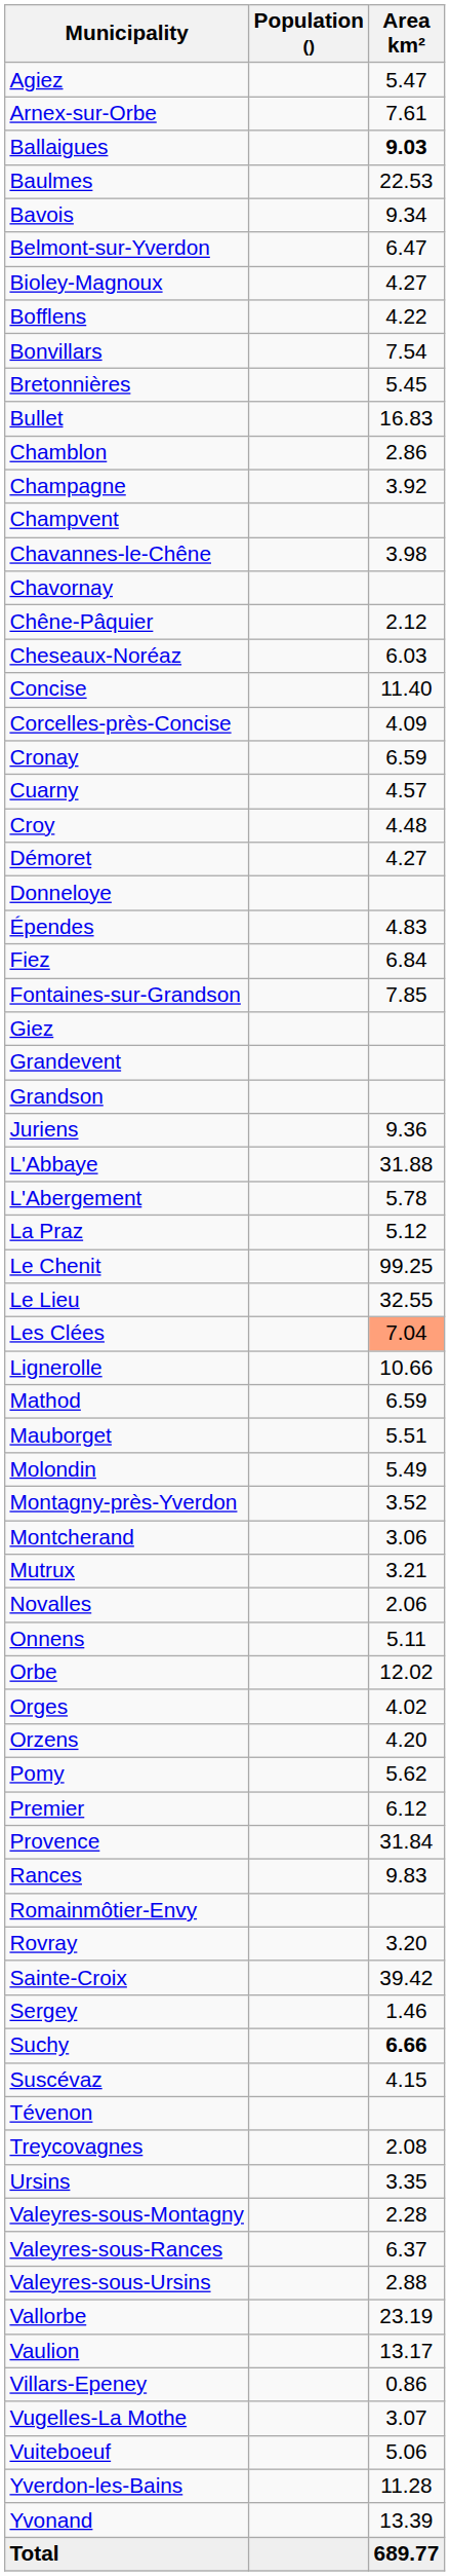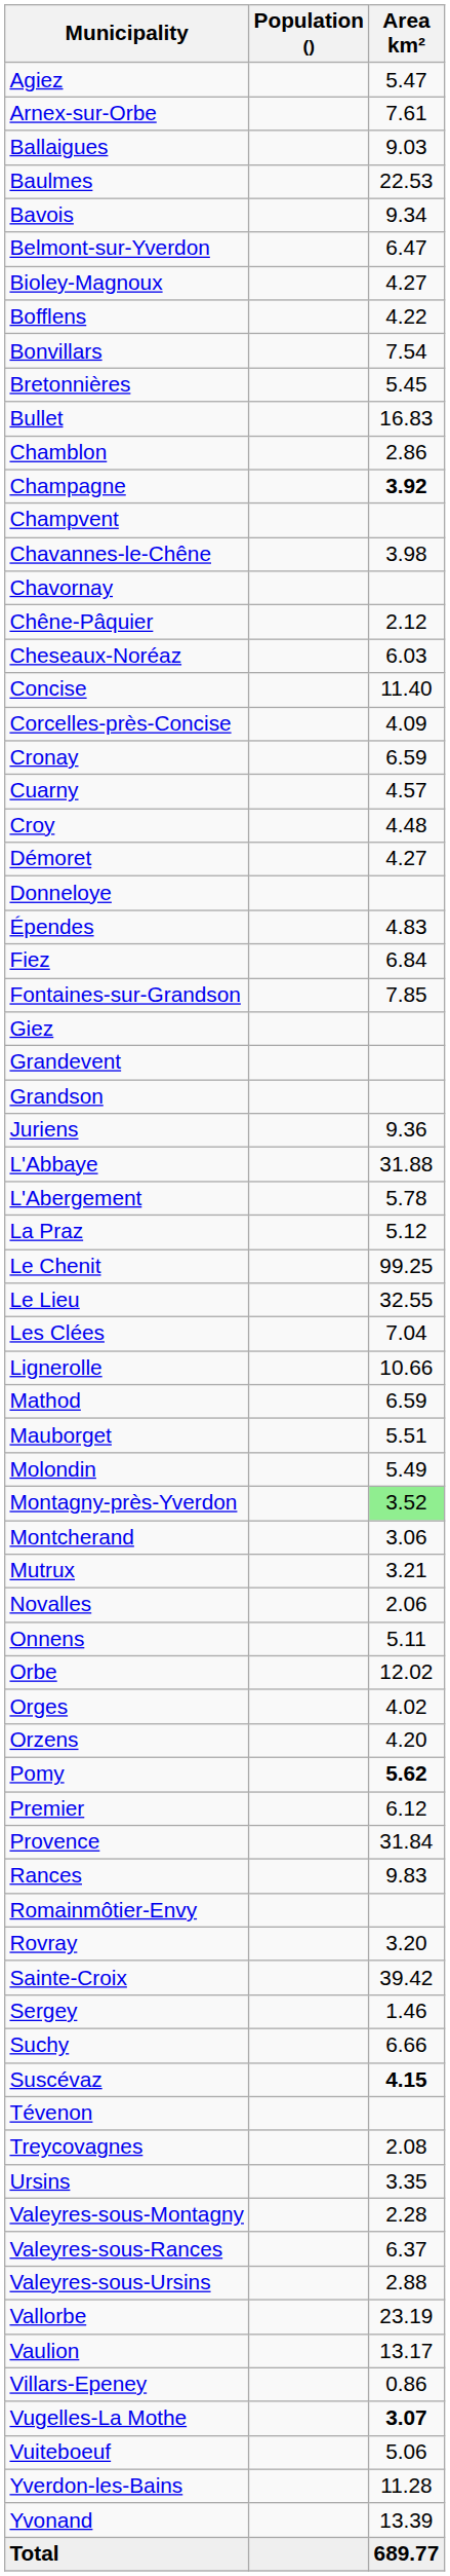 <table class="wikitable sortable">
 <tr>
 <th>Municipality</th>
 <th>Population<br><small>()</small></th>
 <th>Area <br>km²</th>
 </tr>
 <tr>
 <td><a href='#'>Agiez</a></td>
 <td align="center"></td>
 <td align="center">5.47</td>
 </tr>
 <tr>
 <td><a href='#'>Arnex-sur-Orbe</a></td>
 <td align="center"></td>
 <td align="center">7.61</td>
 </tr>
 <tr>
 <td><a href='#'>Ballaigues</a></td>
 <td align="center"></td>
-<td align="center"><strong>9.03</strong></td>
+<td align="center">9.03</td>
 </tr>
 <tr>
 <td><a href='#'>Baulmes</a></td>
 <td align="center"></td>
 <td align="center">22.53</td>
 </tr>
 <tr>
 <td><a href='#'>Bavois</a></td>
 <td align="center"></td>
 <td align="center">9.34</td>
 </tr>
 <tr>
 <td><a href='#'>Belmont-sur-Yverdon</a></td>
 <td align="center"></td>
 <td align="center">6.47</td>
 </tr>
 <tr>
 <td><a href='#'>Bioley-Magnoux</a></td>
 <td align="center"></td>
 <td align="center">4.27</td>
 </tr>
 <tr>
 <td><a href='#'>Bofflens</a></td>
 <td align="center"></td>
 <td align="center">4.22</td>
 </tr>
 <tr>
 <td><a href='#'>Bonvillars</a></td>
 <td align="center"></td>
 <td align="center">7.54</td>
 </tr>
 <tr>
 <td><a href='#'>Bretonnières</a></td>
 <td align="center"></td>
 <td align="center">5.45</td>
 </tr>
 <tr>
 <td><a href='#'>Bullet</a></td>
 <td align="center"></td>
 <td align="center">16.83</td>
 </tr>
 <tr>
 <td><a href='#'>Chamblon</a></td>
 <td align="center"></td>
 <td align="center">2.86</td>
 </tr>
 <tr>
 <td><a href='#'>Champagne</a></td>
 <td align="center"></td>
-<td align="center">3.92</td>
+<td align="center"><strong>3.92</strong></td>
 </tr>
 <tr>
 <td><a href='#'>Champvent</a></td>
 <td align="center"></td>
 <td align="center"></td>
 </tr>
 <tr>
 <td><a href='#'>Chavannes-le-Chêne</a></td>
 <td align="center"></td>
 <td align="center">3.98</td>
 </tr>
 <tr>
 <td><a href='#'>Chavornay</a></td>
 <td align="center"></td>
 <td align="center"></td>
 </tr>
 <tr>
 <td><a href='#'>Chêne-Pâquier</a></td>
 <td align="center"></td>
 <td align="center">2.12</td>
 </tr>
 <tr>
 <td><a href='#'>Cheseaux-Noréaz</a></td>
 <td align="center"></td>
 <td align="center">6.03</td>
 </tr>
 <tr>
 <td><a href='#'>Concise</a></td>
 <td align="center"></td>
 <td align="center">11.40</td>
 </tr>
 <tr>
 <td><a href='#'>Corcelles-près-Concise</a></td>
 <td align="center"></td>
 <td align="center">4.09</td>
 </tr>
 <tr>
 <td><a href='#'>Cronay</a></td>
 <td align="center"></td>
 <td align="center">6.59</td>
 </tr>
 <tr>
 <td><a href='#'>Cuarny</a></td>
 <td align="center"></td>
 <td align="center">4.57</td>
 </tr>
 <tr>
 <td><a href='#'>Croy</a></td>
 <td align="center"></td>
 <td align="center">4.48</td>
 </tr>
 <tr>
 <td><a href='#'>Démoret</a></td>
 <td align="center"></td>
 <td align="center">4.27</td>
 </tr>
 <tr>
 <td><a href='#'>Donneloye</a></td>
 <td align="center"></td>
 <td align="center"></td>
 </tr>
 <tr>
 <td><a href='#'>Épendes</a></td>
 <td align="center"></td>
 <td align="center">4.83</td>
 </tr>
 <tr>
 <td><a href='#'>Fiez</a></td>
 <td align="center"></td>
 <td align="center">6.84</td>
 </tr>
 <tr>
 <td><a href='#'>Fontaines-sur-Grandson</a></td>
 <td align="center"></td>
 <td align="center">7.85</td>
 </tr>
 <tr>
 <td><a href='#'>Giez</a></td>
 <td align="center"></td>
 <td align="center"></td>
 </tr>
 <tr>
 <td><a href='#'>Grandevent</a></td>
 <td align="center"></td>
 <td align="center"></td>
 </tr>
 <tr>
 <td><a href='#'>Grandson</a></td>
 <td align="center"></td>
 <td align="center"></td>
 </tr>
 <tr>
 <td><a href='#'>Juriens</a></td>
 <td align="center"></td>
 <td align="center">9.36</td>
 </tr>
 <tr>
 <td><a href='#'>L'Abbaye</a></td>
 <td align="center"></td>
 <td align="center">31.88</td>
 </tr>
 <tr>
 <td><a href='#'>L'Abergement</a></td>
 <td align="center"></td>
 <td align="center">5.78</td>
 </tr>
 <tr>
 <td><a href='#'>La Praz</a></td>
 <td align="center"></td>
 <td align="center">5.12</td>
 </tr>
 <tr>
 <td><a href='#'>Le Chenit</a></td>
 <td align="center"></td>
 <td align="center">99.25</td>
 </tr>
 <tr>
 <td><a href='#'>Le Lieu</a></td>
 <td align="center"></td>
 <td align="center">32.55</td>
 </tr>
 <tr>
 <td><a href='#'>Les Clées</a></td>
 <td align="center"></td>
-<td align="center" style="background: lightsalmon;">7.04</td>
+<td align="center">7.04</td>
 </tr>
 <tr>
 <td><a href='#'>Lignerolle</a></td>
 <td align="center"></td>
 <td align="center">10.66</td>
 </tr>
 <tr>
 <td><a href='#'>Mathod</a></td>
 <td align="center"></td>
 <td align="center">6.59</td>
 </tr>
 <tr>
 <td><a href='#'>Mauborget</a></td>
 <td align="center"></td>
 <td align="center">5.51</td>
 </tr>
 <tr>
 <td><a href='#'>Molondin</a></td>
 <td align="center"></td>
 <td align="center">5.49</td>
 </tr>
 <tr>
 <td><a href='#'>Montagny-près-Yverdon</a></td>
 <td align="center"></td>
-<td align="center">3.52</td>
+<td align="center" style="background: lightgreen;">3.52</td>
 </tr>
 <tr>
 <td><a href='#'>Montcherand</a></td>
 <td align="center"></td>
 <td align="center">3.06</td>
 </tr>
 <tr>
 <td><a href='#'>Mutrux</a></td>
 <td align="center"></td>
 <td align="center">3.21</td>
 </tr>
 <tr>
 <td><a href='#'>Novalles</a></td>
 <td align="center"></td>
 <td align="center">2.06</td>
 </tr>
 <tr>
 <td><a href='#'>Onnens</a></td>
 <td align="center"></td>
 <td align="center">5.11</td>
 </tr>
 <tr>
 <td><a href='#'>Orbe</a></td>
 <td align="center"></td>
 <td align="center">12.02</td>
 </tr>
 <tr>
 <td><a href='#'>Orges</a></td>
 <td align="center"></td>
 <td align="center">4.02</td>
 </tr>
 <tr>
 <td><a href='#'>Orzens</a></td>
 <td align="center"></td>
 <td align="center">4.20</td>
 </tr>
 <tr>
 <td><a href='#'>Pomy</a></td>
 <td align="center"></td>
-<td align="center">5.62</td>
+<td align="center"><strong>5.62</strong></td>
 </tr>
 <tr>
 <td><a href='#'>Premier</a></td>
 <td align="center"></td>
 <td align="center">6.12</td>
 </tr>
 <tr>
 <td><a href='#'>Provence</a></td>
 <td align="center"></td>
 <td align="center">31.84</td>
 </tr>
 <tr>
 <td><a href='#'>Rances</a></td>
 <td align="center"></td>
 <td align="center">9.83</td>
 </tr>
 <tr>
 <td><a href='#'>Romainmôtier-Envy</a></td>
 <td align="center"></td>
 <td align="center"></td>
 </tr>
 <tr>
 <td><a href='#'>Rovray</a></td>
 <td align="center"></td>
 <td align="center">3.20</td>
 </tr>
 <tr>
 <td><a href='#'>Sainte-Croix</a></td>
 <td align="center"></td>
 <td align="center">39.42</td>
 </tr>
 <tr>
 <td><a href='#'>Sergey</a></td>
 <td align="center"></td>
 <td align="center">1.46</td>
 </tr>
 <tr>
 <td><a href='#'>Suchy</a></td>
 <td align="center"></td>
-<td align="center"><strong>6.66</strong></td>
+<td align="center">6.66</td>
 </tr>
 <tr>
 <td><a href='#'>Suscévaz</a></td>
 <td align="center"></td>
-<td align="center">4.15</td>
+<td align="center"><strong>4.15</strong></td>
 </tr>
 <tr>
 <td><a href='#'>Tévenon</a></td>
 <td align="center"></td>
 <td align="center"></td>
 </tr>
 <tr>
 <td><a href='#'>Treycovagnes</a></td>
 <td align="center"></td>
 <td align="center">2.08</td>
 </tr>
 <tr>
 <td><a href='#'>Ursins</a></td>
 <td align="center"></td>
 <td align="center">3.35</td>
 </tr>
 <tr>
 <td><a href='#'>Valeyres-sous-Montagny</a></td>
 <td align="center"></td>
 <td align="center">2.28</td>
 </tr>
 <tr>
 <td><a href='#'>Valeyres-sous-Rances</a></td>
 <td align="center"></td>
 <td align="center">6.37</td>
 </tr>
 <tr>
 <td><a href='#'>Valeyres-sous-Ursins</a></td>
 <td align="center"></td>
 <td align="center">2.88</td>
 </tr>
 <tr>
 <td><a href='#'>Vallorbe</a></td>
 <td align="center"></td>
 <td align="center">23.19</td>
 </tr>
 <tr>
 <td><a href='#'>Vaulion</a></td>
 <td align="center"></td>
 <td align="center">13.17</td>
 </tr>
 <tr>
 <td><a href='#'>Villars-Epeney</a></td>
 <td align="center"></td>
 <td align="center">0.86</td>
 </tr>
 <tr>
 <td><a href='#'>Vugelles-La Mothe</a></td>
 <td align="center"></td>
-<td align="center">3.07</td>
+<td align="center"><strong>3.07</strong></td>
 </tr>
 <tr>
 <td><a href='#'>Vuiteboeuf</a></td>
 <td align="center"></td>
 <td align="center">5.06</td>
 </tr>
 <tr>
 <td><a href='#'>Yverdon-les-Bains</a></td>
 <td align="center"></td>
 <td align="center">11.28</td>
 </tr>
 <tr>
 <td><a href='#'>Yvonand</a></td>
 <td align="center"></td>
 <td align="center">13.39</td>
 </tr>
 <tr>
 <td bgcolor="#EFEFEF"><strong>Total</strong></td>
 <td bgcolor="#EFEFEF" align="center"></td>
 <td bgcolor="#EFEFEF" align="center"><strong>689.77</strong></td>
 </tr>
 </table>
